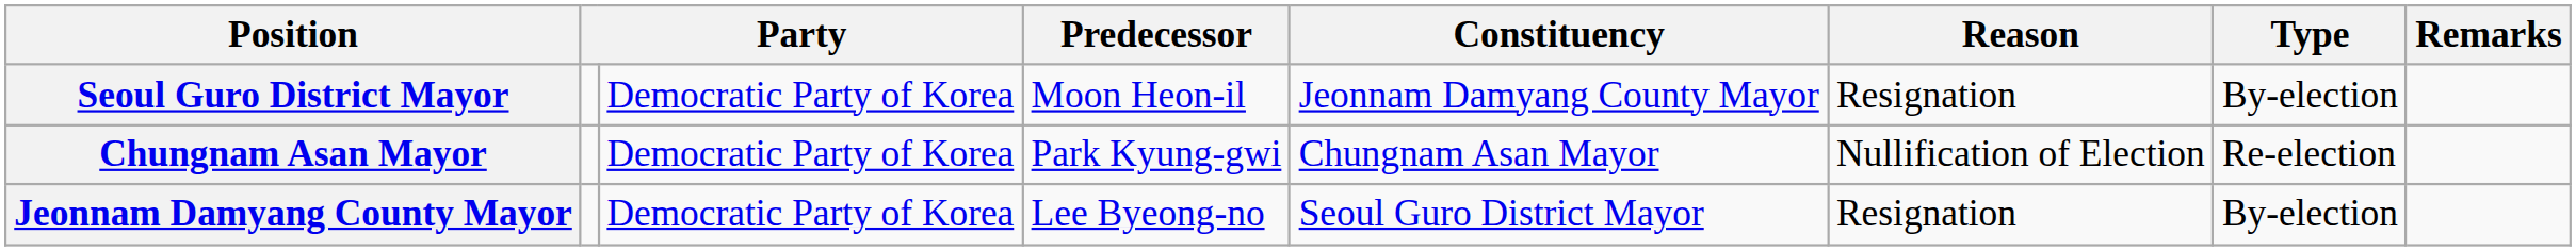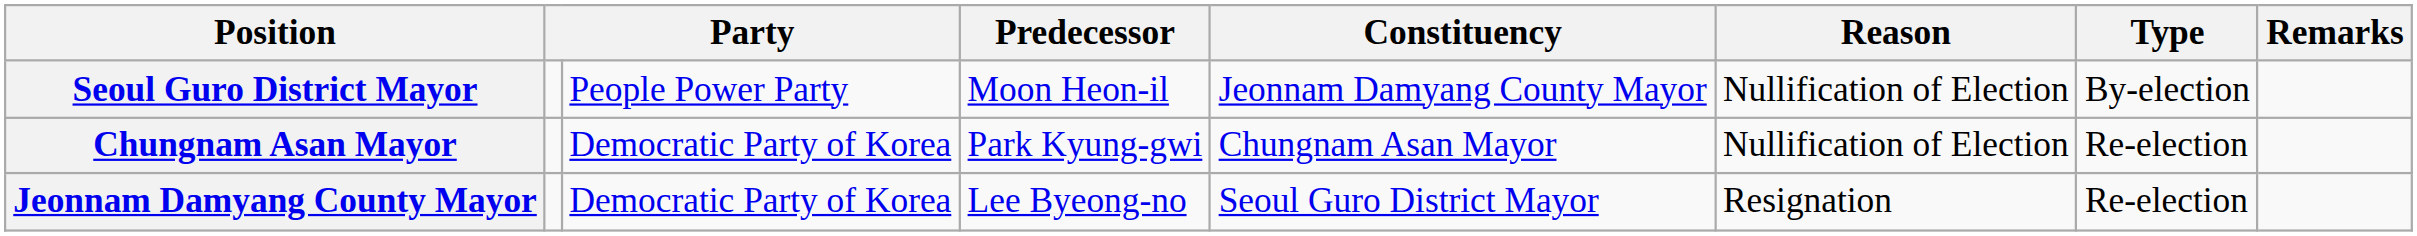 <table class="wikitable">
 <tr>
 <th>Position</th>
 <th colspan=2>Party</th>
 <th>Predecessor</th>
 <th>Constituency</th>
 <th>Reason</th>
 <th>Type</th>
 <th>Remarks</th>
 </tr>
 <tr>
 <th><a href='#'>Seoul Guro District Mayor</a></th>
 <td style="background-color:"></td>
-<td><a href='#'>Democratic Party of Korea</a></td>
+<td><a href='#'>People Power Party</a></td>
 <td><a href='#'>Moon Heon-il</a></td>
 <td><a href='#'>Jeonnam Damyang County Mayor</a></td>
-<td>Resignation</td>
+<td>Nullification of Election</td>
 <td>By-election</td>
 <td></td>
 </tr>
 <tr>
 <th><a href='#'>Chungnam Asan Mayor</a></th>
 <td style="background-color:"></td>
 <td><a href='#'>Democratic Party of Korea</a></td>
 <td><a href='#'>Park Kyung-gwi</a></td>
 <td><a href='#'>Chungnam Asan Mayor</a></td>
 <td>Nullification of Election</td>
 <td>Re-election</td>
 <td></td>
 </tr>
 <tr>
 <th><a href='#'>Jeonnam Damyang County Mayor</a></th>
 <td style="background-color:"></td>
 <td><a href='#'>Democratic Party of Korea</a></td>
 <td><a href='#'>Lee Byeong-no</a></td>
 <td><a href='#'>Seoul Guro District Mayor</a></td>
 <td>Resignation</td>
-<td>By-election</td>
+<td>Re-election</td>
 <td></td>
 </tr>
 </table>
